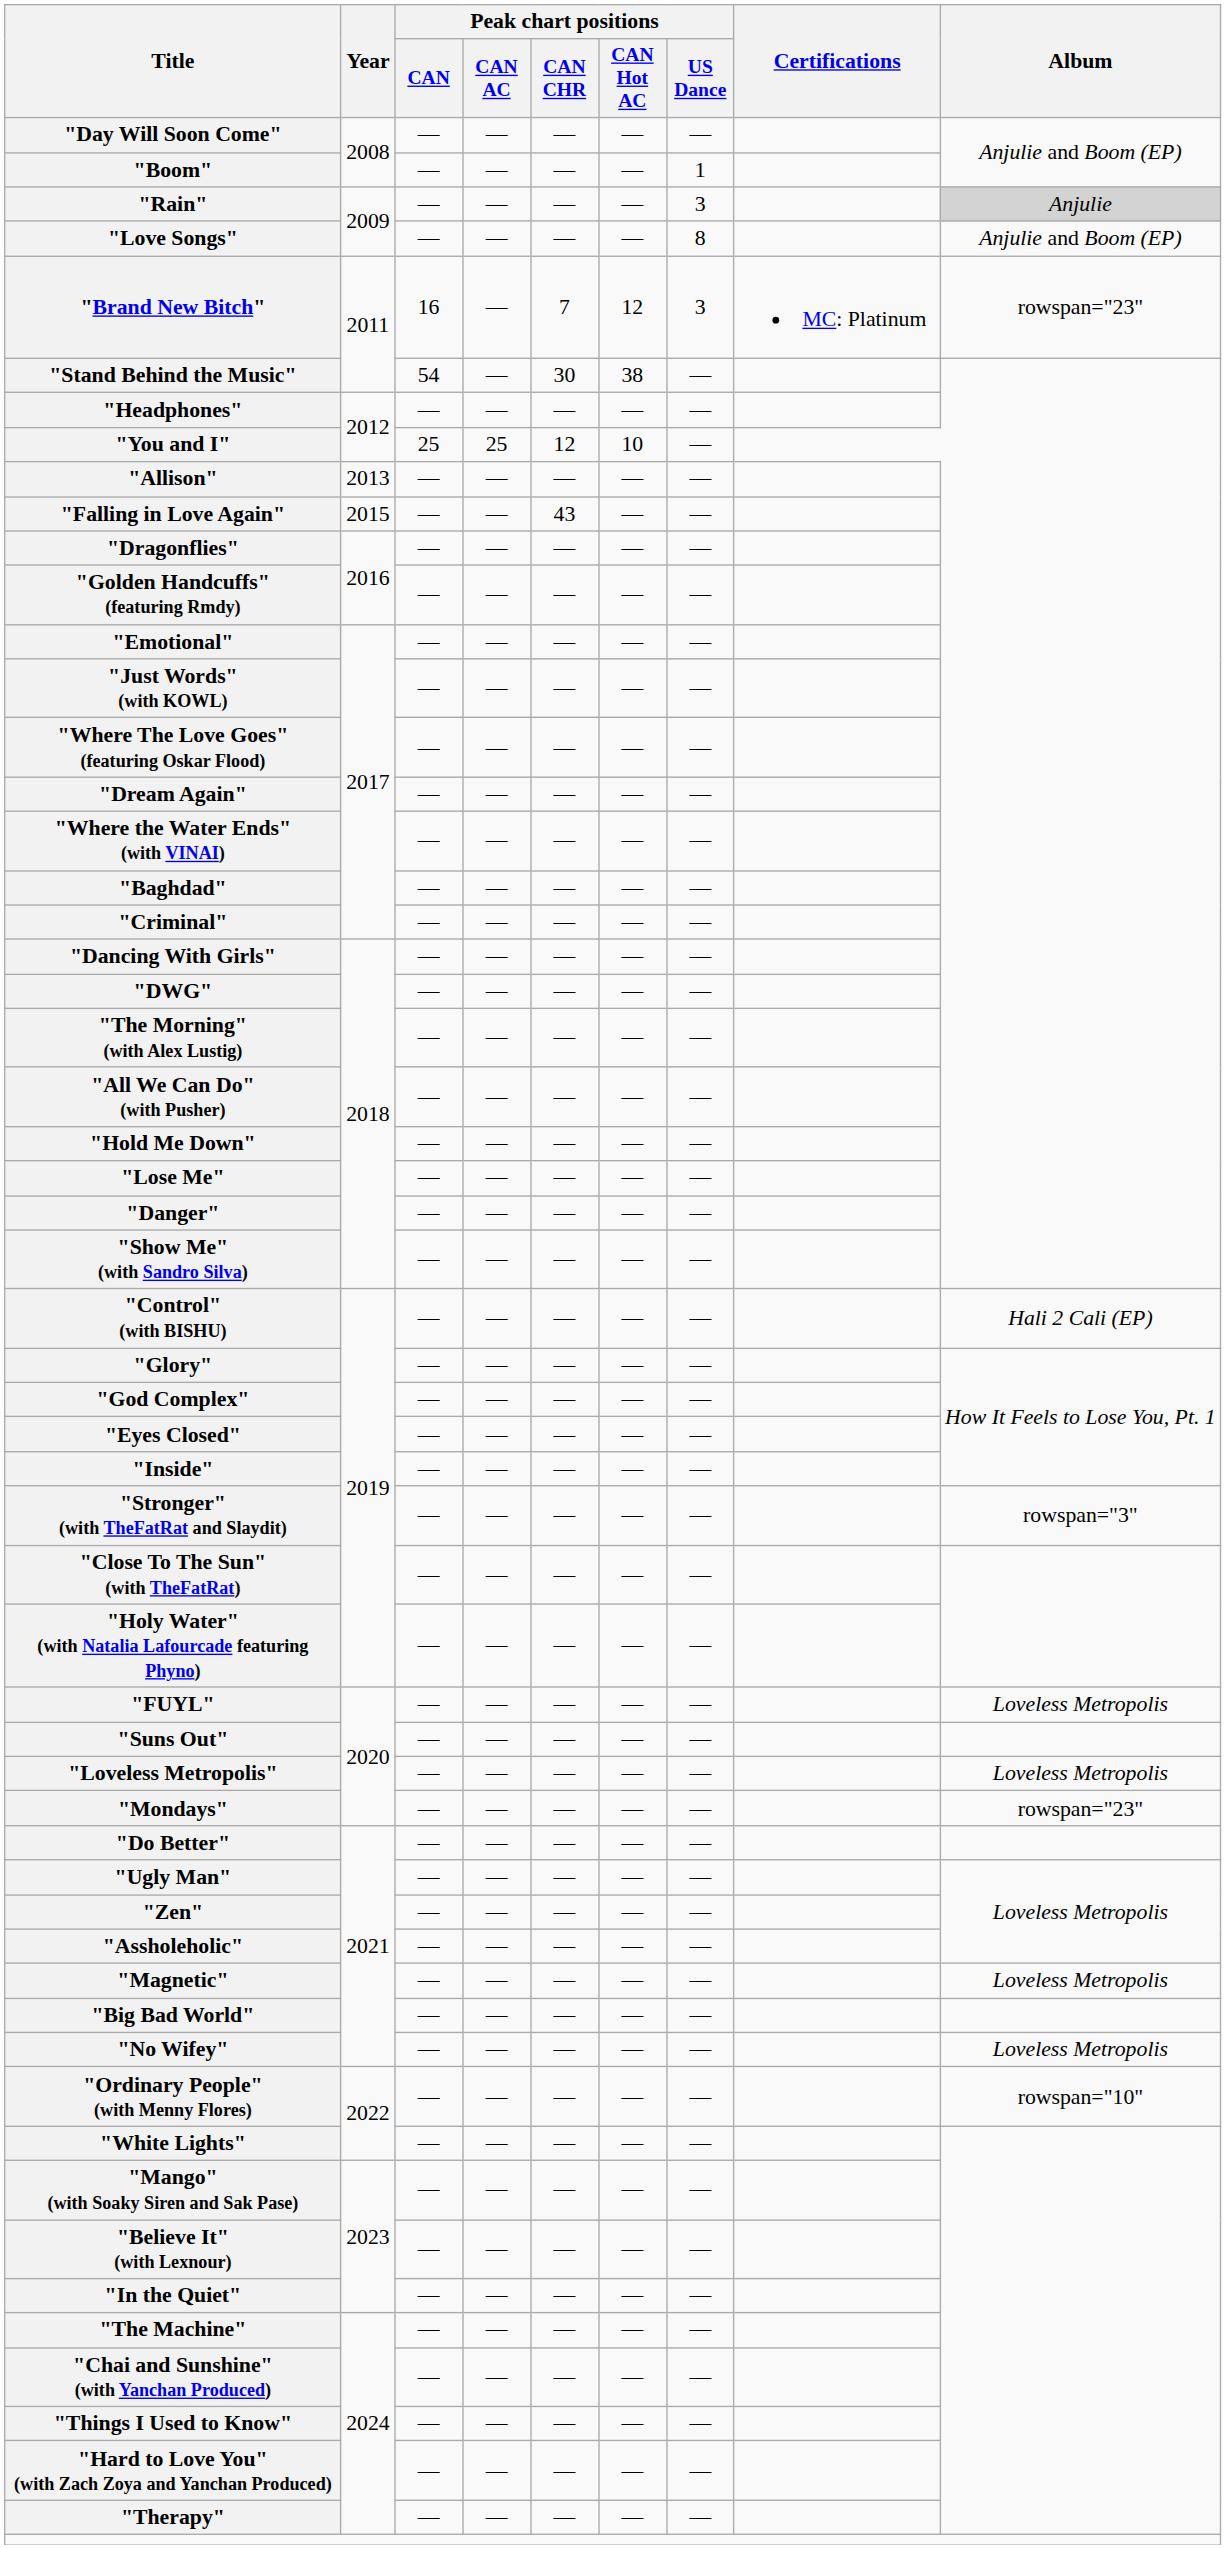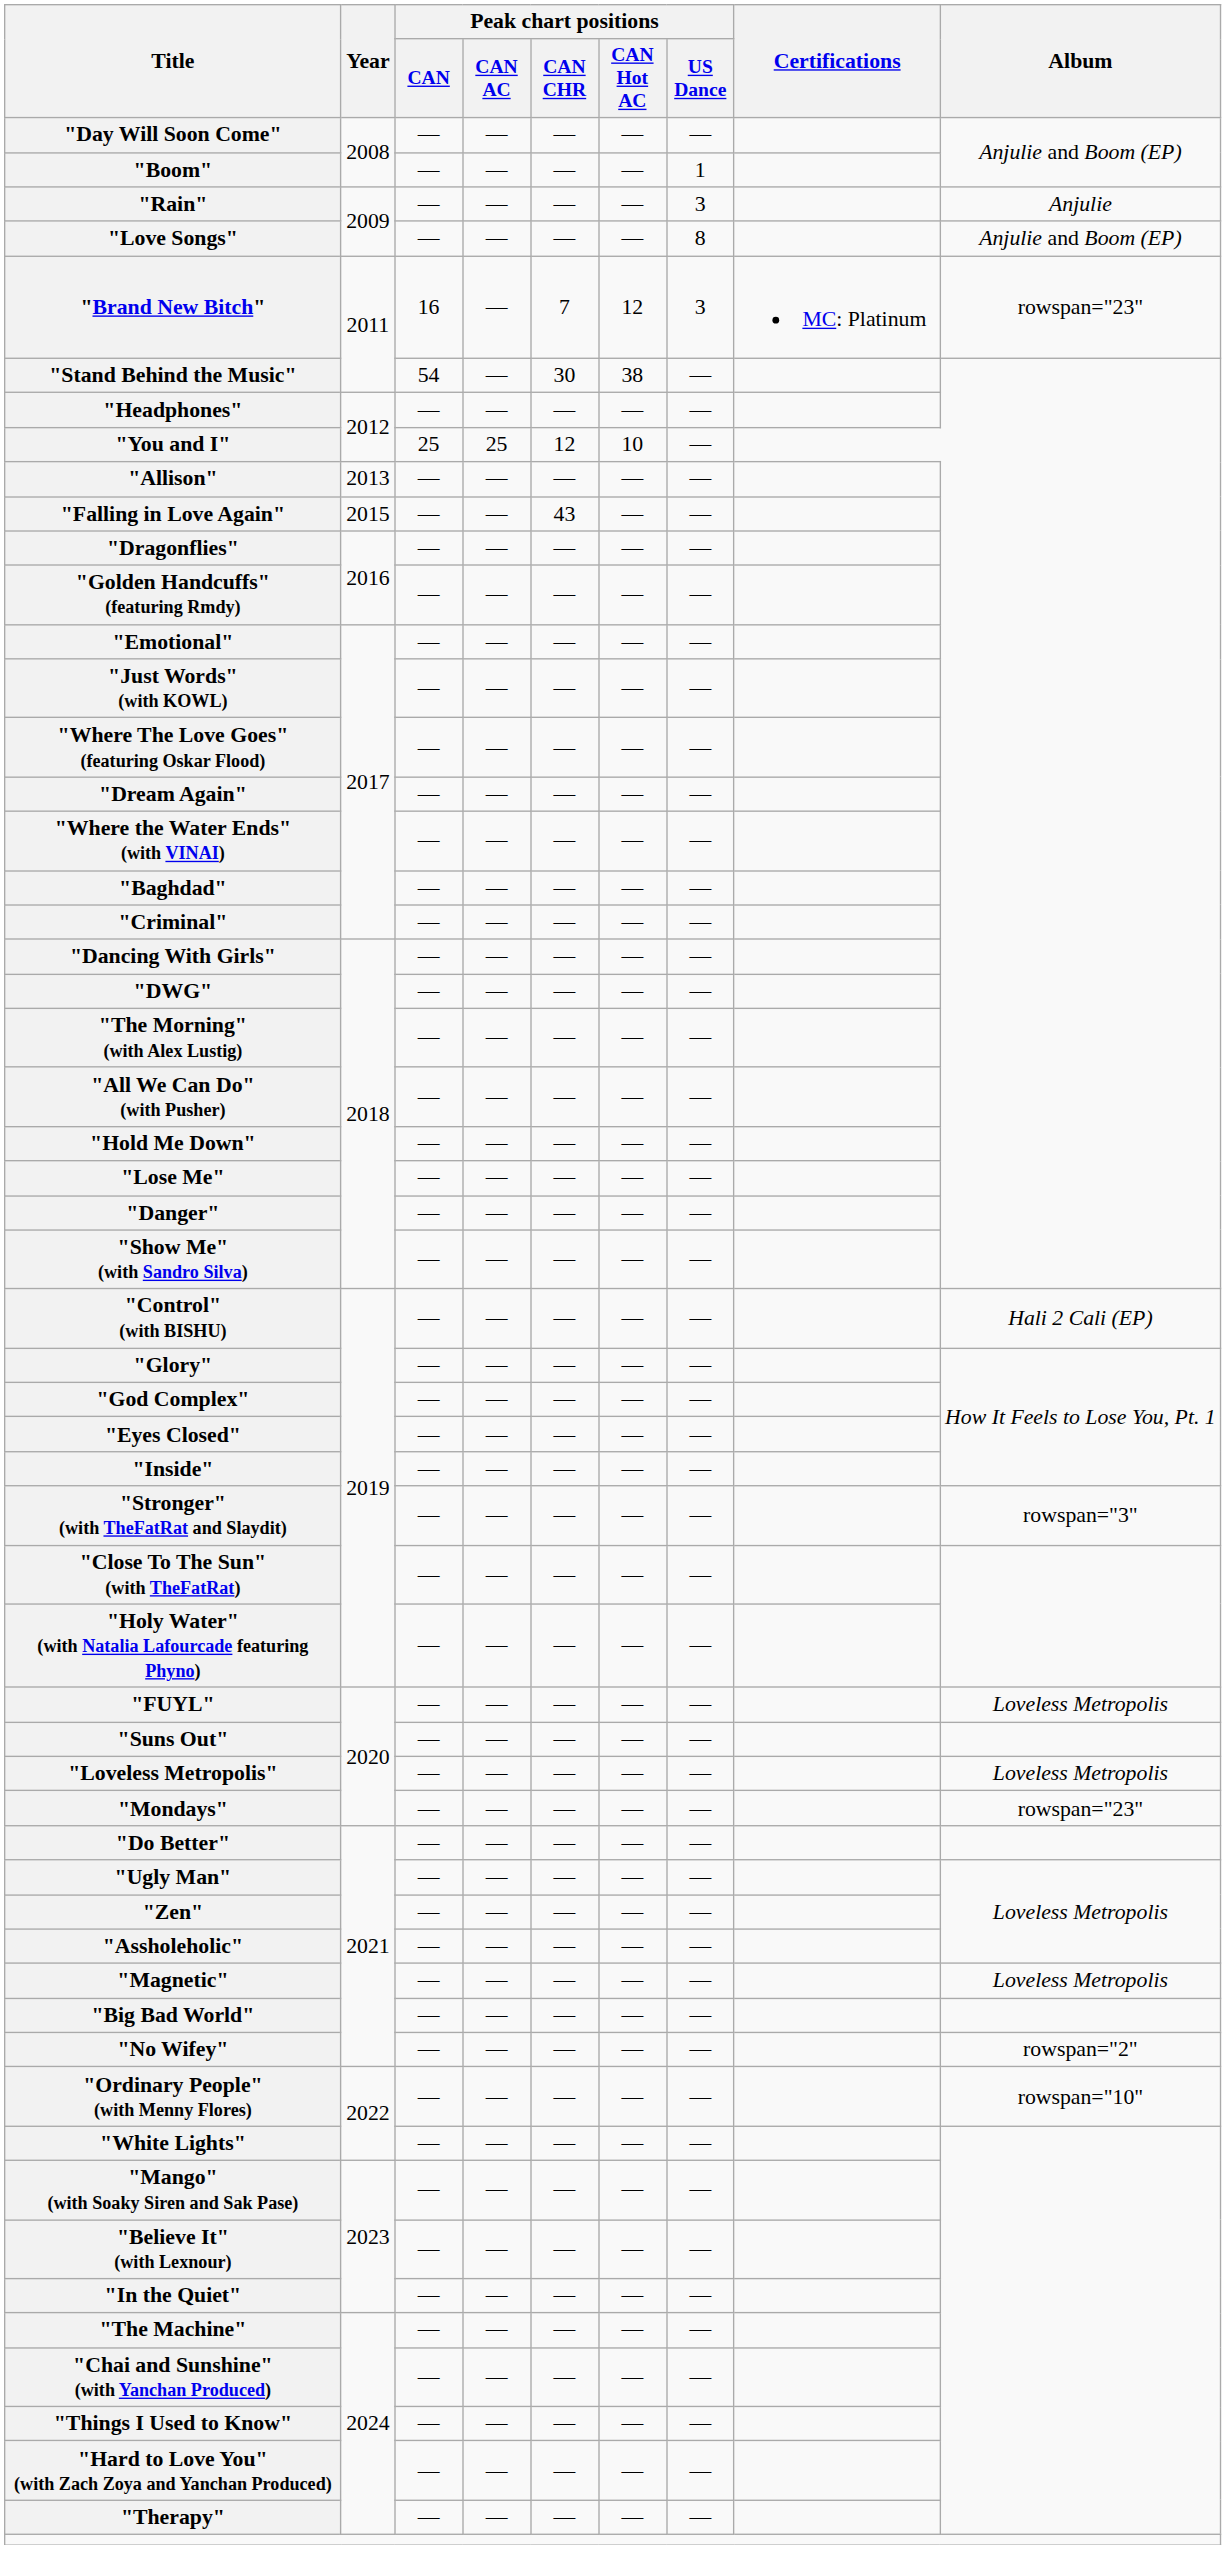 <table class="wikitable plainrowheaders" style="text-align:center;">
 <tr>
 <th scope="col" rowspan="2" style="width:15em;">Title</th>
 <th scope="col" rowspan="2">Year</th>
 <th scope="col" colspan="5">Peak chart positions</th>
 <th scope="col" rowspan="2" style="width:9em;"><a href='#'>Certifications</a></th>
 <th scope="col" rowspan="2">Album</th>
 </tr>
 <tr>
 <th style="width:3em;font-size:90%"><a href='#'>CAN</a><br></th>
 <th style="width:3em;font-size:90%"><a href='#'>CAN AC</a><br></th>
 <th style="width:3em;font-size:90%"><a href='#'>CAN CHR</a><br></th>
 <th style="width:3em;font-size:90%"><a href='#'>CAN Hot AC</a><br></th>
 <th style="width:3em;font-size:90%"><a href='#'>US<br>Dance</a><br></th>
 </tr>
 <tr>
 <th scope="row">"Day Will Soon Come"</th>
 <td rowspan="2">2008</td>
 <td>—</td>
 <td>—</td>
 <td>—</td>
 <td>—</td>
 <td>—</td>
 <td></td>
 <td rowspan="2"><em>Anjulie</em> and <em>Boom (EP)</em></td>
 </tr>
 <tr>
 <th scope="row">"Boom"</th>
 <td>—</td>
 <td>—</td>
 <td>—</td>
 <td>—</td>
 <td>1</td>
 <td></td>
 </tr>
 <tr>
 <th scope="row">"Rain"</th>
 <td rowspan="2">2009</td>
 <td>—</td>
 <td>—</td>
 <td>—</td>
 <td>—</td>
 <td>3</td>
 <td></td>
-<td rowspan="1" style="background: lightgrey;"><em>Anjulie</em></td>
+<td rowspan="1"><em>Anjulie</em></td>
 </tr>
 <tr>
 <th scope="row">"Love Songs"</th>
 <td>—</td>
 <td>—</td>
 <td>—</td>
 <td>—</td>
 <td>8</td>
 <td></td>
 <td><em>Anjulie</em> and <em>Boom (EP)</em></td>
 </tr>
 <tr>
 <th scope="row">"<a href='#'>Brand New Bitch</a>"</th>
 <td rowspan="2">2011</td>
 <td>16</td>
 <td>—</td>
 <td>7</td>
 <td>12</td>
 <td>3</td>
 <td><br><ul><li><a href='#'>MC</a>: Platinum</li></ul></td>
 <td>rowspan="23" </td>
 </tr>
 <tr>
 <th scope="row">"Stand Behind the Music"</th>
 <td>54</td>
 <td>—</td>
 <td>30</td>
 <td>38</td>
 <td>—</td>
 <td></td>
 </tr>
 <tr>
 <th scope="row">"Headphones"</th>
 <td rowspan="2">2012</td>
 <td>—</td>
 <td>—</td>
 <td>—</td>
 <td>—</td>
 <td>—</td>
 <td></td>
 </tr>
 <tr>
 <th scope="row">"You and I"</th>
 <td>25</td>
 <td>25</td>
 <td>12</td>
 <td>10</td>
 <td>—</td>
 </tr>
 <tr>
 <th scope="row">"Allison"</th>
 <td>2013</td>
 <td>—</td>
 <td>—</td>
 <td>—</td>
 <td>—</td>
 <td>—</td>
 <td></td>
 </tr>
 <tr>
 <th scope="row">"Falling in Love Again"</th>
 <td>2015</td>
 <td>—</td>
 <td>—</td>
 <td>43</td>
 <td>—</td>
 <td>—</td>
 <td></td>
 </tr>
 <tr>
 <th scope="row">"Dragonflies"</th>
 <td rowspan="2">2016</td>
 <td>—</td>
 <td>—</td>
 <td>—</td>
 <td>—</td>
 <td>—</td>
 <td></td>
 </tr>
 <tr>
 <th scope="row">"Golden Handcuffs"<br><small>(featuring Rmdy)</small></th>
 <td>—</td>
 <td>—</td>
 <td>—</td>
 <td>—</td>
 <td>—</td>
 <td></td>
 </tr>
 <tr>
 <th scope="row">"Emotional"</th>
 <td rowspan="7">2017</td>
 <td>—</td>
 <td>—</td>
 <td>—</td>
 <td>—</td>
 <td>—</td>
 <td></td>
 </tr>
 <tr>
 <th scope="row">"Just Words"<br><small>(with KOWL)</small></th>
 <td>—</td>
 <td>—</td>
 <td>—</td>
 <td>—</td>
 <td>—</td>
 <td></td>
 </tr>
 <tr>
 <th scope="row">"Where The Love Goes"<br><small>(featuring Oskar Flood)</small></th>
 <td>—</td>
 <td>—</td>
 <td>—</td>
 <td>—</td>
 <td>—</td>
 <td></td>
 </tr>
 <tr>
 <th scope="row">"Dream Again"</th>
 <td>—</td>
 <td>—</td>
 <td>—</td>
 <td>—</td>
 <td>—</td>
 <td></td>
 </tr>
 <tr>
 <th scope="row">"Where the Water Ends"<br><small>(with <a href='#'>VINAI</a>)</small></th>
 <td>—</td>
 <td>—</td>
 <td>—</td>
 <td>—</td>
 <td>—</td>
 <td></td>
 </tr>
 <tr>
 <th scope="row">"Baghdad"</th>
 <td>—</td>
 <td>—</td>
 <td>—</td>
 <td>—</td>
 <td>—</td>
 <td></td>
 </tr>
 <tr>
 <th scope="row">"Criminal"</th>
 <td>—</td>
 <td>—</td>
 <td>—</td>
 <td>—</td>
 <td>—</td>
 <td></td>
 </tr>
 <tr>
 <th scope="row">"Dancing With Girls"</th>
 <td rowspan="8">2018</td>
 <td>—</td>
 <td>—</td>
 <td>—</td>
 <td>—</td>
 <td>—</td>
 <td></td>
 </tr>
 <tr>
 <th scope="row">"DWG"</th>
 <td>—</td>
 <td>—</td>
 <td>—</td>
 <td>—</td>
 <td>—</td>
 <td></td>
 </tr>
 <tr>
 <th scope="row">"The Morning"<br><small>(with Alex Lustig)</small></th>
 <td>—</td>
 <td>—</td>
 <td>—</td>
 <td>—</td>
 <td>—</td>
 <td></td>
 </tr>
 <tr>
 <th scope="row">"All We Can Do"<br><small>(with Pusher)</small></th>
 <td>—</td>
 <td>—</td>
 <td>—</td>
 <td>—</td>
 <td>—</td>
 <td></td>
 </tr>
 <tr>
 <th scope="row">"Hold Me Down"</th>
 <td>—</td>
 <td>—</td>
 <td>—</td>
 <td>—</td>
 <td>—</td>
 <td></td>
 </tr>
 <tr>
 <th scope="row">"Lose Me"</th>
 <td>—</td>
 <td>—</td>
 <td>—</td>
 <td>—</td>
 <td>—</td>
 <td></td>
 </tr>
 <tr>
 <th scope="row">"Danger"</th>
 <td>—</td>
 <td>—</td>
 <td>—</td>
 <td>—</td>
 <td>—</td>
 <td></td>
 </tr>
 <tr>
 <th scope="row">"Show Me"<br><small>(with <a href='#'>Sandro Silva</a>)</small></th>
 <td>—</td>
 <td>—</td>
 <td>—</td>
 <td>—</td>
 <td>—</td>
 <td></td>
 </tr>
 <tr>
 <th scope="row">"Control"<br><small>(with BISHU)</small></th>
 <td rowspan="8">2019</td>
 <td>—</td>
 <td>—</td>
 <td>—</td>
 <td>—</td>
 <td>—</td>
 <td></td>
 <td><em>Hali 2 Cali (EP)</em></td>
 </tr>
 <tr>
 <th scope="row">"Glory"</th>
 <td>—</td>
 <td>—</td>
 <td>—</td>
 <td>—</td>
 <td>—</td>
 <td></td>
 <td rowspan="4"><em>How It Feels to Lose You, Pt. 1</em></td>
 </tr>
 <tr>
 <th scope="row">"God Complex"</th>
 <td>—</td>
 <td>—</td>
 <td>—</td>
 <td>—</td>
 <td>—</td>
 <td></td>
 </tr>
 <tr>
 <th scope="row">"Eyes Closed"</th>
 <td>—</td>
 <td>—</td>
 <td>—</td>
 <td>—</td>
 <td>—</td>
 <td></td>
 </tr>
 <tr>
 <th scope="row">"Inside"</th>
 <td>—</td>
 <td>—</td>
 <td>—</td>
 <td>—</td>
 <td>—</td>
 <td></td>
 </tr>
 <tr>
 <th scope="row">"Stronger"<br><small>(with <a href='#'>TheFatRat</a> and Slaydit)</small></th>
 <td>—</td>
 <td>—</td>
 <td>—</td>
 <td>—</td>
 <td>—</td>
 <td></td>
 <td>rowspan="3" </td>
 </tr>
 <tr>
 <th scope="row">"Close To The Sun"<br><small>(with <a href='#'>TheFatRat</a>)</small></th>
 <td>—</td>
 <td>—</td>
 <td>—</td>
 <td>—</td>
 <td>—</td>
 <td></td>
 </tr>
 <tr>
 <th scope="row">"Holy Water"<br><small>(with <a href='#'>Natalia Lafourcade</a> featuring <a href='#'>Phyno</a>)</small></th>
 <td>—</td>
 <td>—</td>
 <td>—</td>
 <td>—</td>
 <td>—</td>
 <td></td>
 </tr>
 <tr>
 <th scope="row">"FUYL"</th>
 <td rowspan="4">2020</td>
 <td>—</td>
 <td>—</td>
 <td>—</td>
 <td>—</td>
 <td>—</td>
 <td></td>
 <td><em>Loveless Metropolis</em></td>
 </tr>
 <tr>
 <th scope="row">"Suns Out"</th>
 <td>—</td>
 <td>—</td>
 <td>—</td>
 <td>—</td>
 <td>—</td>
 <td></td>
 <td></td>
 </tr>
 <tr>
 <th scope="row">"Loveless Metropolis"</th>
 <td>—</td>
 <td>—</td>
 <td>—</td>
 <td>—</td>
 <td>—</td>
 <td></td>
 <td><em>Loveless Metropolis</em></td>
 </tr>
 <tr>
 <th scope="row">"Mondays"</th>
 <td>—</td>
 <td>—</td>
 <td>—</td>
 <td>—</td>
 <td>—</td>
 <td></td>
 <td>rowspan="23" </td>
 </tr>
 <tr>
 <th scope="row">"Do Better"</th>
 <td rowspan="7">2021</td>
 <td>—</td>
 <td>—</td>
 <td>—</td>
 <td>—</td>
 <td>—</td>
 <td></td>
 </tr>
 <tr>
 <th scope="row">"Ugly Man"</th>
 <td>—</td>
 <td>—</td>
 <td>—</td>
 <td>—</td>
 <td>—</td>
 <td></td>
 <td rowspan="3"><em>Loveless Metropolis</em></td>
 </tr>
 <tr>
 <th scope="row">"Zen"</th>
 <td>—</td>
 <td>—</td>
 <td>—</td>
 <td>—</td>
 <td>—</td>
 <td></td>
 </tr>
 <tr>
 <th scope="row">"Assholeholic"</th>
 <td>—</td>
 <td>—</td>
 <td>—</td>
 <td>—</td>
 <td>—</td>
 <td></td>
 </tr>
 <tr>
 <th scope="row">"Magnetic"</th>
 <td>—</td>
 <td>—</td>
 <td>—</td>
 <td>—</td>
 <td>—</td>
 <td></td>
 <td><em>Loveless Metropolis</em></td>
 </tr>
 <tr>
 <th scope="row">"Big Bad World"</th>
 <td>—</td>
 <td>—</td>
 <td>—</td>
 <td>—</td>
 <td>—</td>
 <td></td>
 </tr>
 <tr>
 <th scope="row">"No Wifey"</th>
 <td>—</td>
 <td>—</td>
 <td>—</td>
 <td>—</td>
 <td>—</td>
 <td></td>
-<td><em>Loveless Metropolis</em></td>
+<td>rowspan="2" </td>
 </tr>
 <tr>
 <th scope="row">"Ordinary People"<br><small>(with Menny Flores)</small></th>
 <td rowspan="2">2022</td>
 <td>—</td>
 <td>—</td>
 <td>—</td>
 <td>—</td>
 <td>—</td>
 <td></td>
 <td>rowspan="10" </td>
 </tr>
 <tr>
 <th scope="row">"White Lights"</th>
 <td>—</td>
 <td>—</td>
 <td>—</td>
 <td>—</td>
 <td>—</td>
 <td></td>
 </tr>
 <tr>
 <th scope="row">"Mango"<br><small>(with Soaky Siren and Sak Pase)</small></th>
 <td rowspan="3">2023</td>
 <td>—</td>
 <td>—</td>
 <td>—</td>
 <td>—</td>
 <td>—</td>
 <td></td>
 </tr>
 <tr>
 <th scope="row">"Believe It"<br><small>(with Lexnour)</small></th>
 <td>—</td>
 <td>—</td>
 <td>—</td>
 <td>—</td>
 <td>—</td>
 <td></td>
 </tr>
 <tr>
 <th scope="row">"In the Quiet"</th>
 <td>—</td>
 <td>—</td>
 <td>—</td>
 <td>—</td>
 <td>—</td>
 <td></td>
 </tr>
 <tr>
 <th scope="row">"The Machine"</th>
 <td rowspan="5">2024</td>
 <td>—</td>
 <td>—</td>
 <td>—</td>
 <td>—</td>
 <td>—</td>
 <td></td>
 </tr>
 <tr>
 <th scope="row">"Chai and Sunshine"<br><small>(with <a href='#'>Yanchan Produced</a>)</small></th>
 <td>—</td>
 <td>—</td>
 <td>—</td>
 <td>—</td>
 <td>—</td>
 <td></td>
 </tr>
 <tr>
 <th scope="row">"Things I Used to Know"</th>
 <td>—</td>
 <td>—</td>
 <td>—</td>
 <td>—</td>
 <td>—</td>
 <td></td>
 </tr>
 <tr>
 <th scope="row">"Hard to Love You"<br><small>(with Zach Zoya and Yanchan Produced)</small></th>
 <td>—</td>
 <td>—</td>
 <td>—</td>
 <td>—</td>
 <td>—</td>
 <td></td>
 </tr>
 <tr>
 <th scope="row">"Therapy"</th>
 <td>—</td>
 <td>—</td>
 <td>—</td>
 <td>—</td>
 <td>—</td>
 <td></td>
 </tr>
 <tr>
 <td colspan="10"></td>
 </tr>
 </table>
